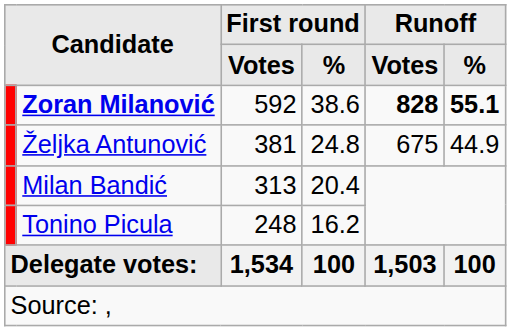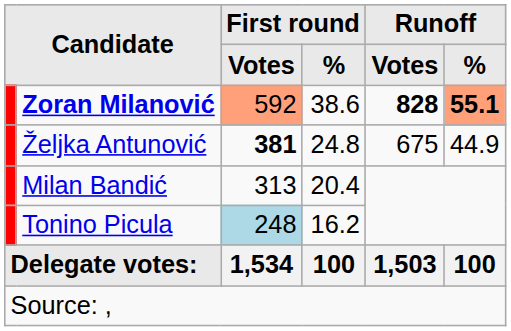 <table class="wikitable">
 <tr style="background:#c9c9c9;">
 <th colspan="2" rowspan="2" style="background:#e9e9e9; text-align:center;">Candidate</th>
 <th style="background:#e9e9e9; text-align:center;" colspan="2">First round</th>
 <th style="background:#e9e9e9; text-align:center;" colspan="2">Runoff</th>
 </tr>
 <tr>
 <th style="background:#e9e9e9; text-align:center;">Votes</th>
 <th style="background:#e9e9e9; text-align:center;">%</th>
 <th style="background:#e9e9e9; text-align:center;">Votes</th>
 <th style="background:#e9e9e9; text-align:center;">%</th>
 </tr>
 <tr>
 <td style="background:red;"></td>
 <td style="text-align:left;"><strong><a href='#'>Zoran Milanović</a></strong></td>
-<td style="text-align:right;">592</td>
+<td style="background: lightsalmon; text-align:right;">592</td>
 <td style="text-align:right;">38.6</td>
 <td style="text-align:right;"><strong>828</strong></td>
-<td style="text-align:right;"><strong>55.1</strong></td>
+<td style="background: lightsalmon; text-align:right;"><strong>55.1</strong></td>
 </tr>
 <tr>
 <td style="background:red;"></td>
 <td style="text-align:left;"><a href='#'>Željka Antunović</a></td>
-<td style="text-align:right;">381</td>
+<td style="text-align:right;"><strong>381</strong></td>
 <td style="text-align:right;">24.8</td>
 <td style="text-align:right;">675</td>
 <td style="text-align:right;">44.9</td>
 </tr>
 <tr>
 <td style="background:red;"></td>
 <td style="text-align:left;"><a href='#'>Milan Bandić</a></td>
 <td style="text-align:right;">313</td>
 <td style="text-align:right;">20.4</td>
 </tr>
 <tr>
 <td style="background:red;"></td>
 <td style="text-align:left;"><a href='#'>Tonino Picula</a></td>
-<td style="text-align:right;">248</td>
+<td style="background: lightblue; text-align:right;">248</td>
 <td style="text-align:right;">16.2</td>
 </tr>
 <tr style="background:#e9e9e9;">
 <td style="text-align:left;" colspan="2"><strong>Delegate votes:</strong></td>
 <th align= right>1,534</th>
 <th align= right>100</th>
 <th align= right>1,503</th>
 <th align= right>100</th>
 </tr>
 <tr>
 <td style="text-align:left;" colspan="7">Source: , </td>
 </tr>
 </table>
